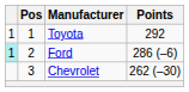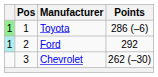 <table class="wikitable" style="font-size: 95%;">
 <tr>
 <th></th>
 <th>Pos</th>
 <th>Manufacturer</th>
 <th>Points</th>
 </tr>
 <tr>
-<td align="left"> 1</td>
+<td align="left" style="background: lightgreen;"> 1</td>
 <td style="text-align:center;">1</td>
 <td><a href='#'>Toyota</a></td>
-<td style="text-align:center;">292</td>
+<td style="text-align:center;">286 (–6)</td>
 </tr>
 <tr>
 <td align="left" style="background: paleturquoise;"> 1</td>
 <td style="text-align:center;">2</td>
 <td><a href='#'>Ford</a></td>
-<td style="text-align:center;">286 (–6)</td>
+<td style="text-align:center;">292</td>
 </tr>
 <tr>
 <td align="left"></td>
 <td style="text-align:center;">3</td>
 <td><a href='#'>Chevrolet</a></td>
 <td style="text-align:center;">262 (–30)</td>
 </tr>
 <tr class="sortbottom">
 <th colspan="9"></th>
 </tr>
 </table>
